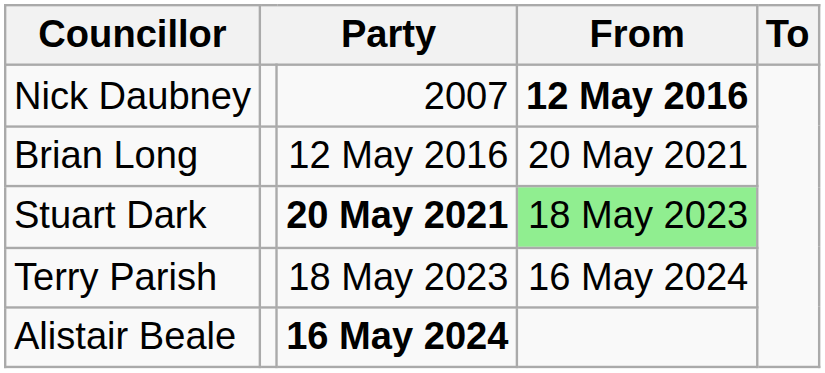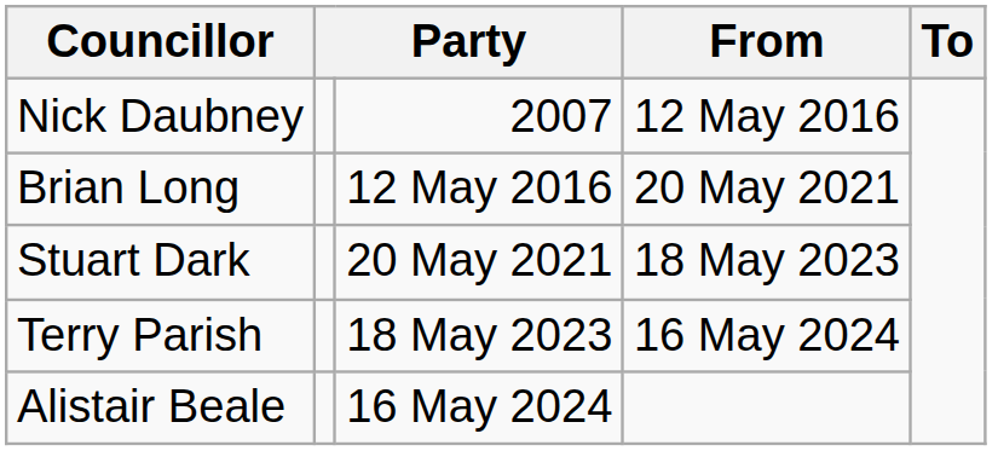 <table class=wikitable>
 <tr>
 <th>Councillor</th>
 <th colspan=2>Party</th>
 <th>From</th>
 <th>To</th>
 </tr>
 <tr>
 <td>Nick Daubney</td>
 <td></td>
 <td align=right>2007</td>
-<td align=right><strong>12 May 2016</strong></td>
+<td align=right>12 May 2016</td>
 </tr>
 <tr>
 <td>Brian Long</td>
 <td></td>
 <td align=right>12 May 2016</td>
 <td align=right>20 May 2021</td>
 </tr>
 <tr>
 <td>Stuart Dark</td>
 <td></td>
-<td align=right><strong>20 May 2021</strong></td>
-<td align=right style="background: lightgreen;">18 May 2023</td>
+<td align=right>20 May 2021</td>
+<td align=right>18 May 2023</td>
 </tr>
 <tr>
 <td>Terry Parish</td>
 <td></td>
 <td align=right>18 May 2023</td>
 <td align=right>16 May 2024</td>
 </tr>
 <tr>
 <td>Alistair Beale</td>
 <td></td>
-<td align=right><strong>16 May 2024</strong></td>
+<td align=right>16 May 2024</td>
 <td align=right></td>
 </tr>
 </table>
